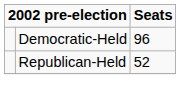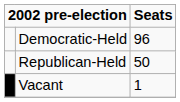 <table class="wikitable">
 <tr>
 <td colspan="2" rowspan="1" align="center" valign="top"><strong>2002 pre-election</strong></td>
 <td style="vertical-align:top;"><strong>Seats</strong><br></td>
 </tr>
 <tr>
 <td style="background-color:"> </td>
 <td>Democratic-Held</td>
 <td>96</td>
 </tr>
 <tr>
 <td style="background-color:"> </td>
 <td>Republican-Held</td>
-<td>52</td>
+<td>50</td>
+</tr>
+<tr>
+<td bgcolor="black"> </td>
+<td>Vacant</td>
+<td>1</td>
 </tr>
 <tr>
 </tr>
 </table>
